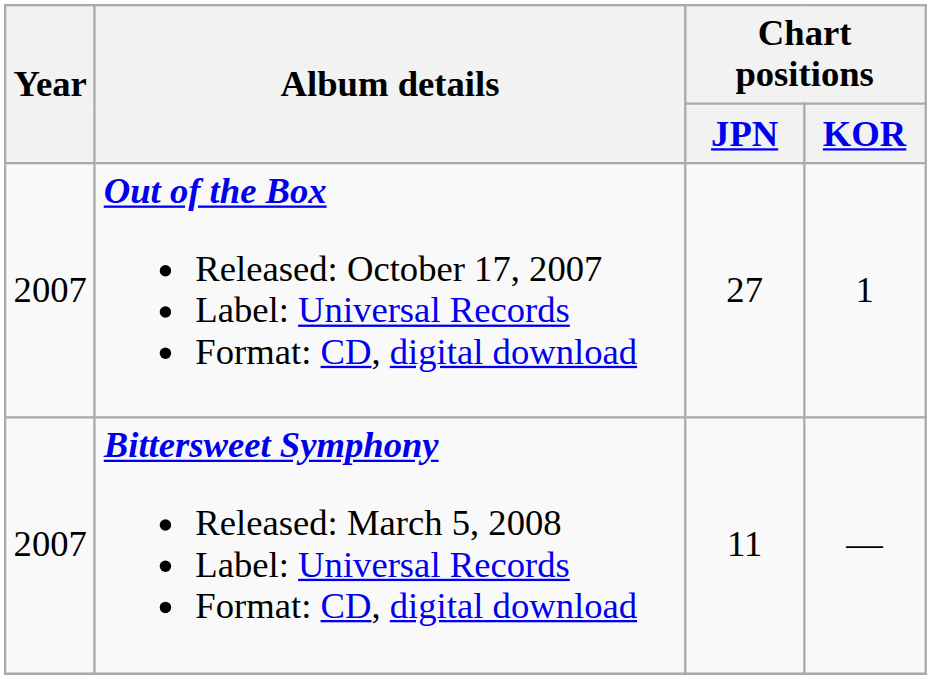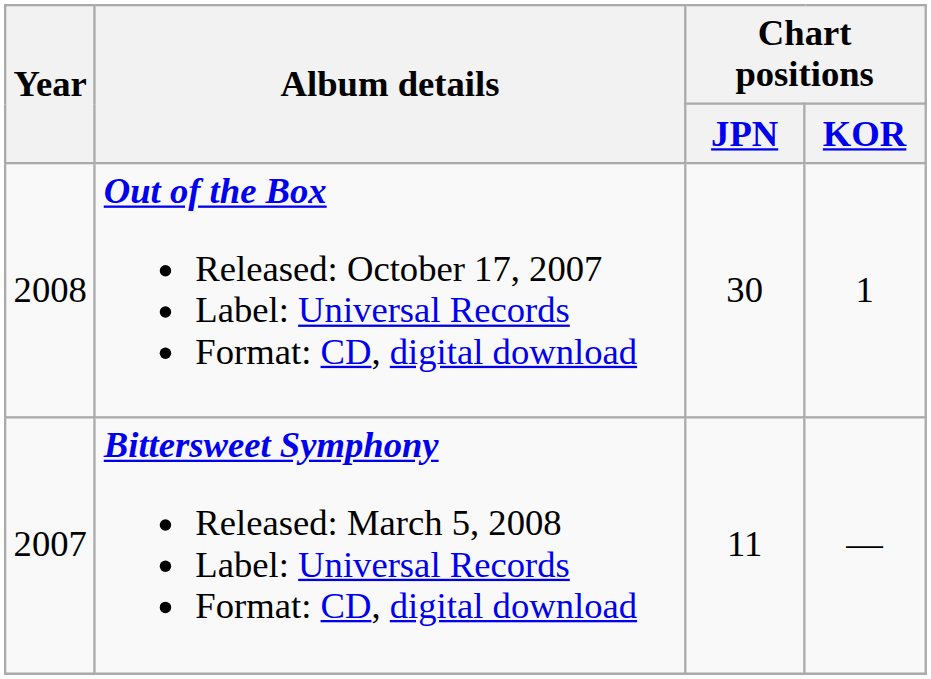 <table class="wikitable">
 <tr>
 <th rowspan="2">Year</th>
 <th rowspan="2" width="250">Album details</th>
 <th colspan="2" width=90>Chart positions</th>
 </tr>
 <tr>
 <th align=center width=45><a href='#'>JPN</a></th>
 <th align=center width=45><a href='#'>KOR</a></th>
 </tr>
 <tr>
-<td>2007</td>
+<td>2008</td>
 <td><strong><em><a href='#'>Out of the Box</a></em></strong><br><ul><li>Released: October 17, 2007</li><li>Label: <a href='#'>Universal Records</a></li><li>Format: <a href='#'>CD</a>, <a href='#'>digital download</a></li></ul></td>
-<td align=center>27</td>
+<td align=center>30</td>
 <td align=center>1</td>
 </tr>
 <tr>
 <td>2007</td>
 <td><strong><em><a href='#'>Bittersweet Symphony</a></em></strong><br><ul><li>Released: March 5, 2008</li><li>Label: <a href='#'>Universal Records</a></li><li>Format: <a href='#'>CD</a>, <a href='#'>digital download</a></li></ul></td>
 <td align=center>11</td>
 <td align=center>—</td>
 </tr>
 <tr>
 </tr>
 </table>
